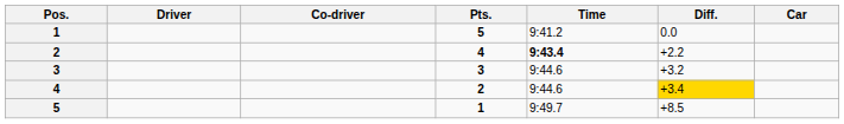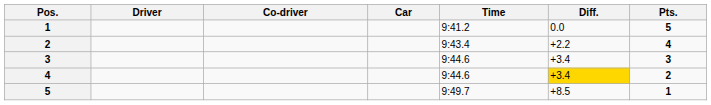 <table class="wikitable" width=60% style="font-size: 85%;">
 <tr>
 <th>Pos.</th>
 <th>Driver</th>
 <th>Co-driver</th>
-<th>Pts.</th>
+<th>Car</th>
 <th>Time</th>
 <th>Diff.</th>
-<th>Car</th>
+<th>Pts.</th>
 </tr>
 <tr>
 <th>1</th>
 <td></td>
 <td></td>
-<td align="center"><strong>5</strong></td>
+<td></td>
 <td>9:41.2</td>
 <td>0.0</td>
-<td></td>
+<td align="center"><strong>5</strong></td>
 </tr>
 <tr>
 <th>2</th>
 <td></td>
 <td></td>
+<td></td>
+<td>9:43.4</td>
+<td>+2.2</td>
 <td align="center"><strong>4</strong></td>
-<td><strong>9:43.4</strong></td>
-<td>+2.2</td>
-<td></td>
 </tr>
 <tr>
 <th>3</th>
 <td></td>
 <td></td>
+<td></td>
+<td>9:44.6</td>
+<td>+3.4</td>
 <td align="center"><strong>3</strong></td>
-<td>9:44.6</td>
-<td>+3.2</td>
-<td></td>
 </tr>
 <tr>
 <th>4</th>
 <td></td>
 <td></td>
-<td align="center"><strong>2</strong></td>
+<td></td>
 <td>9:44.6</td>
 <td style="background: gold;">+3.4</td>
-<td></td>
+<td align="center"><strong>2</strong></td>
 </tr>
 <tr>
 <th>5</th>
 <td></td>
 <td></td>
-<td align="center"><strong>1</strong></td>
+<td></td>
 <td>9:49.7</td>
 <td>+8.5</td>
-<td></td>
+<td align="center"><strong>1</strong></td>
 </tr>
 </table>
